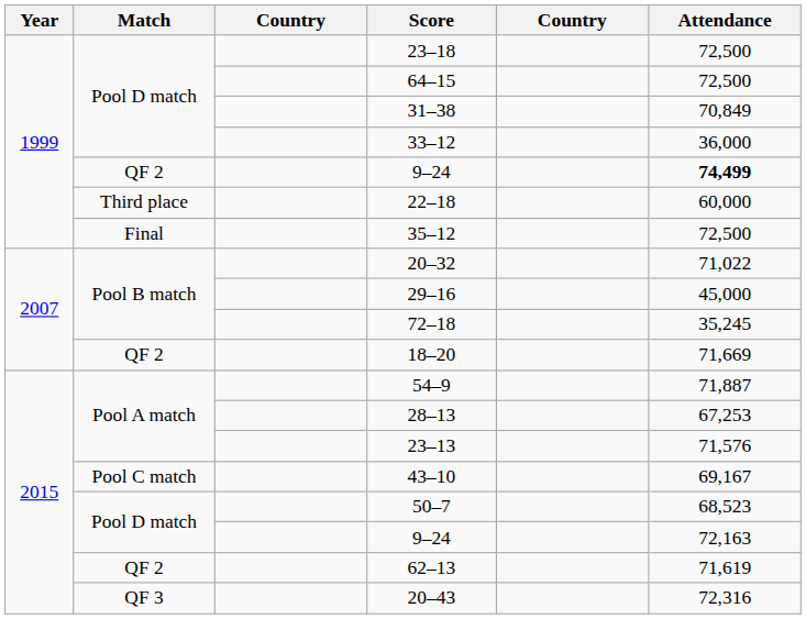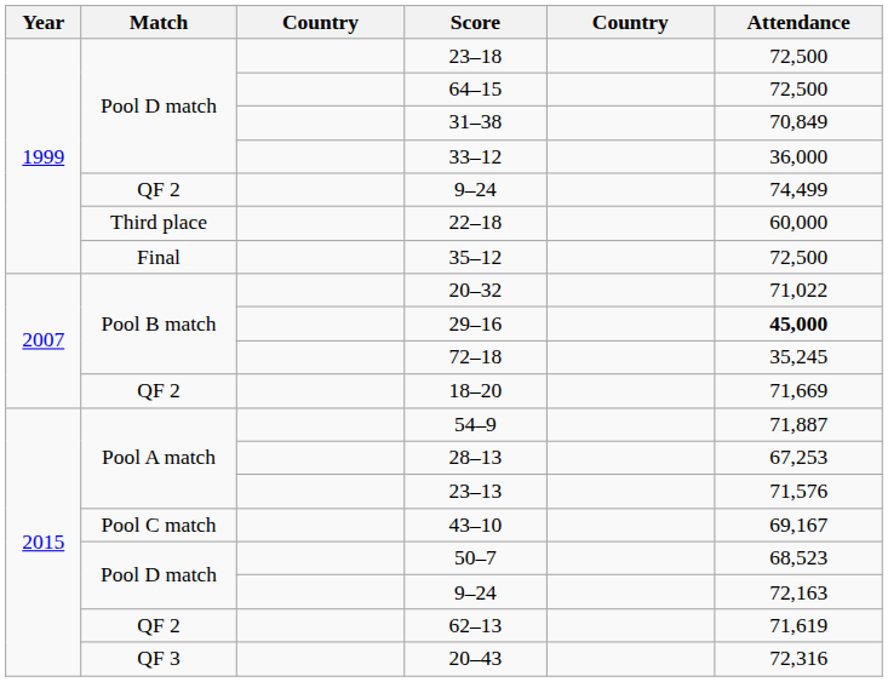 <table class="wikitable" style="text-align:center">
 <tr>
 <th width="50">Year</th>
 <th width="110">Match</th>
 <th width="120">Country</th>
 <th width="100">Score</th>
 <th width="120">Country</th>
 <th width="120">Attendance</th>
 </tr>
 <tr>
 <td rowspan="7"><a href='#'>1999</a></td>
 <td rowspan="4">Pool D match</td>
 <td align=right></td>
 <td>23–18</td>
 <td align=left></td>
 <td>72,500</td>
 </tr>
 <tr>
 <td align=right></td>
 <td>64–15</td>
 <td align=left></td>
 <td>72,500</td>
 </tr>
 <tr>
 <td align=right></td>
 <td>31–38</td>
 <td align=left></td>
 <td>70,849</td>
 </tr>
 <tr>
 <td align=right></td>
 <td>33–12</td>
 <td align=left></td>
 <td>36,000</td>
 </tr>
 <tr>
 <td>QF 2</td>
 <td align=right></td>
 <td>9–24</td>
 <td align=left></td>
-<td><strong>74,499</strong></td>
+<td>74,499</td>
 </tr>
 <tr>
 <td>Third place</td>
 <td align=right></td>
 <td>22–18</td>
 <td align=left></td>
 <td>60,000</td>
 </tr>
 <tr>
 <td>Final</td>
 <td align=right></td>
 <td>35–12</td>
 <td align=left></td>
 <td>72,500</td>
 </tr>
 <tr>
 <td rowspan="4"><a href='#'>2007</a></td>
 <td rowspan="3">Pool B match</td>
 <td align=right></td>
 <td>20–32</td>
 <td align=left></td>
 <td>71,022</td>
 </tr>
 <tr>
 <td align=right></td>
 <td>29–16</td>
 <td align=left></td>
-<td>45,000</td>
+<td><strong>45,000</strong></td>
 </tr>
 <tr>
 <td align=right></td>
 <td>72–18</td>
 <td align=left></td>
 <td>35,245</td>
 </tr>
 <tr>
 <td>QF 2</td>
 <td align=right></td>
 <td>18–20</td>
 <td align=left></td>
 <td>71,669</td>
 </tr>
 <tr>
 <td rowspan="8"><a href='#'>2015</a></td>
 <td rowspan="3">Pool A match</td>
 <td align=right></td>
 <td>54–9</td>
 <td align=left></td>
 <td>71,887</td>
 </tr>
 <tr>
 <td align=right></td>
 <td>28–13</td>
 <td align=left></td>
 <td>67,253</td>
 </tr>
 <tr>
 <td align=right></td>
 <td>23–13</td>
 <td align=left></td>
 <td>71,576</td>
 </tr>
 <tr>
 <td>Pool C match</td>
 <td align=right></td>
 <td>43–10</td>
 <td align=left></td>
 <td>69,167</td>
 </tr>
 <tr>
 <td rowspan="2">Pool D match</td>
 <td align=right></td>
 <td>50–7</td>
 <td align=left></td>
 <td>68,523</td>
 </tr>
 <tr>
 <td align=right></td>
 <td>9–24</td>
 <td align=left></td>
 <td>72,163</td>
 </tr>
 <tr>
 <td>QF 2</td>
 <td align=right></td>
 <td>62–13</td>
 <td align=left></td>
 <td>71,619</td>
 </tr>
 <tr>
 <td>QF 3</td>
 <td align=right></td>
 <td>20–43</td>
 <td align=left></td>
 <td>72,316</td>
 </tr>
 </table>
